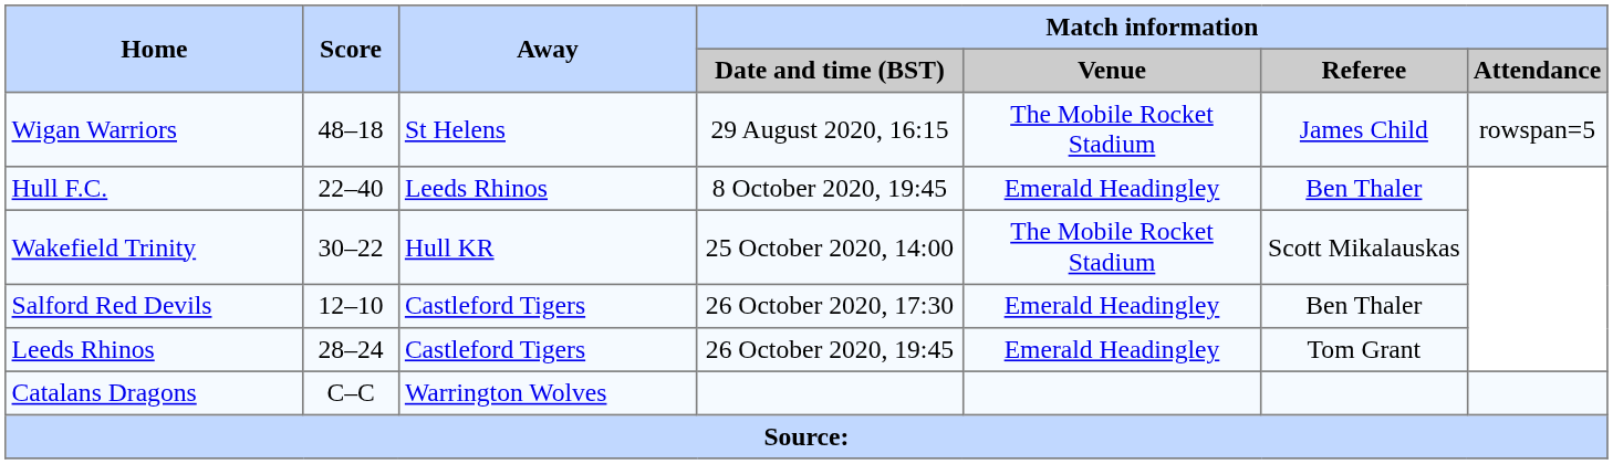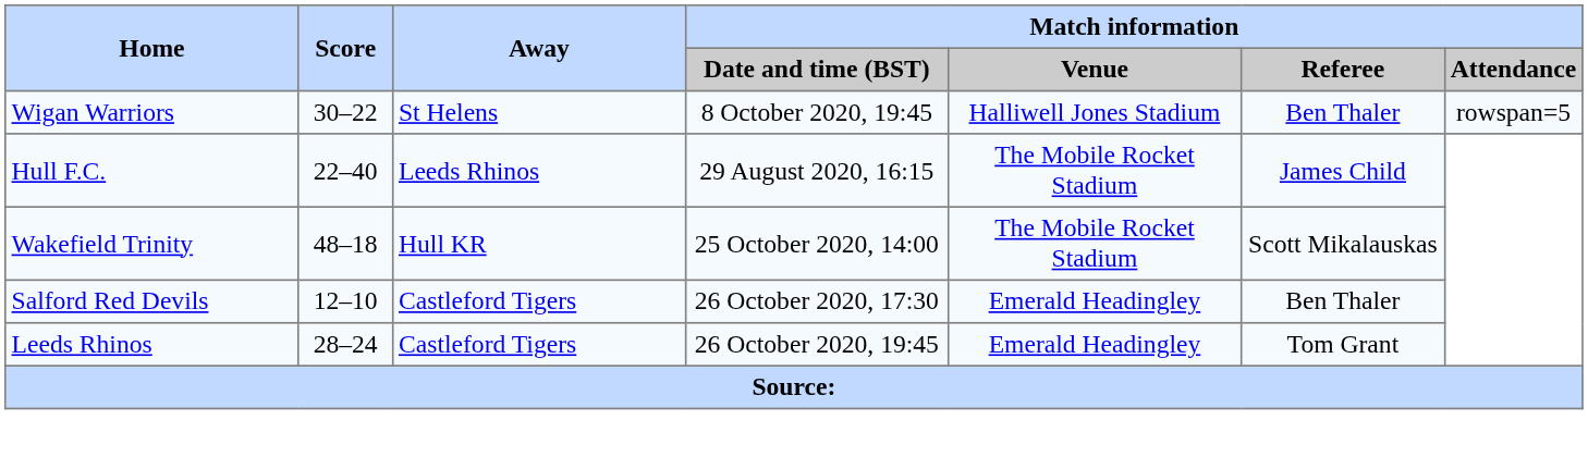 <table border=1 style="border-collapse:collapse; font-size:90%; text-align:center;" cellpadding=3 cellspacing=0 width=100%>
 <tr bgcolor=#C1D8FF>
 <th rowspan=2 width=19%>Home</th>
 <th rowspan=2 width=6%>Score</th>
 <th rowspan=2 width=19%>Away</th>
 <th colspan=4>Match information</th>
 </tr>
 <tr bgcolor=#CCCCCC>
 <th width=17%>Date and time (BST)</th>
 <th width=19%>Venue</th>
 <th width=13%>Referee</th>
 <th width=13%>Attendance</th>
 </tr>
 <tr bgcolor=#F5FAFF>
 <td align=left> <a href='#'>Wigan Warriors</a></td>
-<td>48–18</td>
+<td>30–22</td>
 <td align=left> <a href='#'>St Helens</a></td>
-<td>29 August 2020, 16:15</td>
-<td><a href='#'>The Mobile Rocket Stadium</a></td>
-<td><a href='#'>James Child</a></td>
+<td>8 October 2020, 19:45</td>
+<td><a href='#'>Halliwell Jones Stadium</a></td>
+<td><a href='#'>Ben Thaler</a></td>
 <td>rowspan=5</td>
 </tr>
 <tr bgcolor=#F5FAFF>
 <td align=left> <a href='#'>Hull F.C.</a></td>
 <td>22–40</td>
 <td align=left> <a href='#'>Leeds Rhinos</a></td>
-<td>8 October 2020, 19:45</td>
-<td><a href='#'>Emerald Headingley</a></td>
-<td><a href='#'>Ben Thaler</a></td>
+<td>29 August 2020, 16:15</td>
+<td><a href='#'>The Mobile Rocket Stadium</a></td>
+<td><a href='#'>James Child</a></td>
 </tr>
 <tr bgcolor=#F5FAFF>
 <td align=left> <a href='#'>Wakefield Trinity</a></td>
-<td>30–22</td>
+<td>48–18</td>
 <td align=left> <a href='#'>Hull KR</a></td>
 <td>25 October 2020, 14:00</td>
 <td><a href='#'>The Mobile Rocket Stadium</a></td>
 <td>Scott Mikalauskas</td>
 </tr>
 <tr bgcolor=#F5FAFF>
 <td align=left> <a href='#'>Salford Red Devils</a></td>
 <td>12–10</td>
 <td align=left> <a href='#'>Castleford Tigers</a></td>
 <td>26 October 2020, 17:30</td>
 <td><a href='#'>Emerald Headingley</a></td>
 <td>Ben Thaler</td>
 </tr>
 <tr bgcolor=#F5FAFF>
 <td align=left> <a href='#'>Leeds Rhinos</a></td>
 <td>28–24</td>
 <td align=left> <a href='#'>Castleford Tigers</a></td>
 <td>26 October 2020, 19:45</td>
 <td><a href='#'>Emerald Headingley</a></td>
 <td>Tom Grant</td>
 </tr>
-<tr bgcolor=#F5FAFF>
-<td align=left> <a href='#'>Catalans Dragons</a></td>
-<td>C–C</td>
-<td align=left> <a href='#'>Warrington Wolves</a></td>
-<td></td>
-<td></td>
-<td></td>
-<td></td>
-</tr>
 <tr style="background:#c1d8ff;">
 <th colspan=7>Source:</th>
 </tr>
 </table>
